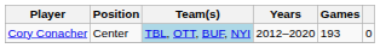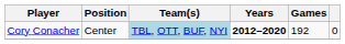 <table class="wikitable sortable">
 <tr>
 <th>Player</th>
 <th>Position</th>
 <th>Team(s)</th>
 <th>Years</th>
 <th>Games</th>
 <th><a href='#'></a></th>
 </tr>
 <tr>
 <td><a href='#'>Cory Conacher</a></td>
 <td>Center</td>
 <td style="background: lightblue;"><a href='#'>TBL</a>, <a href='#'>OTT</a>, <a href='#'>BUF</a>, <a href='#'>NYI</a></td>
-<td>2012–2020</td>
-<td>193</td>
+<td><strong>2012–2020</strong></td>
+<td>192</td>
 <td>0</td>
 </tr>
 <tr>
 </tr>
 </table>
